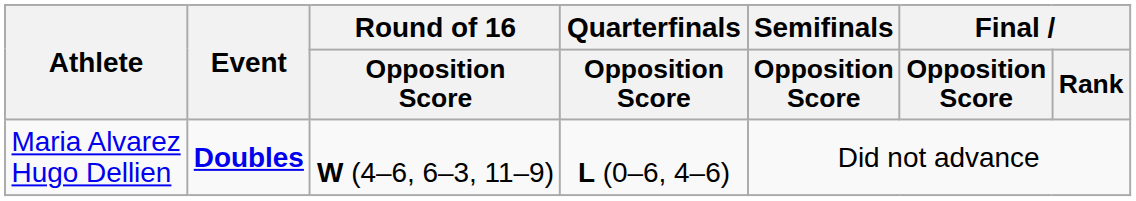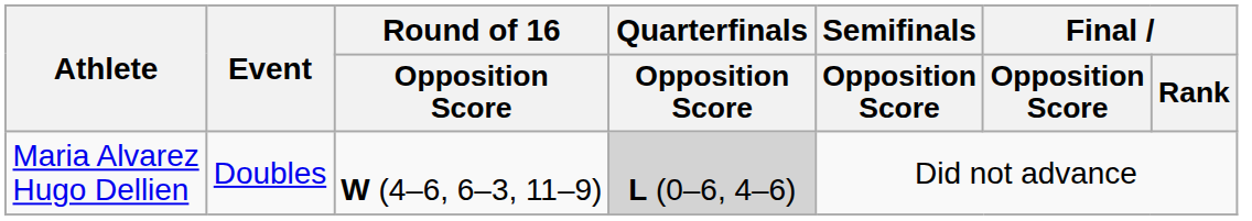 <table class=wikitable style="font-size:90%">
 <tr>
 <th rowspan=2>Athlete</th>
 <th rowspan=2>Event</th>
 <th>Round of 16</th>
 <th>Quarterfinals</th>
 <th>Semifinals</th>
 <th colspan=2>Final / </th>
 </tr>
 <tr style="font-size:95%">
 <th>Opposition<br>Score</th>
 <th>Opposition<br>Score</th>
 <th>Opposition<br>Score</th>
 <th>Opposition<br>Score</th>
 <th>Rank</th>
 </tr>
 <tr align=center>
 <td align=left><a href='#'>Maria Alvarez</a><br><a href='#'>Hugo Dellien</a></td>
-<td align=left><strong><a href='#'>Doubles</a></strong></td>
+<td align=left><a href='#'>Doubles</a></td>
 <td><br><strong>W</strong> (4–6, 6–3, 11–9)</td>
-<td><br><strong>L</strong> (0–6, 4–6)</td>
+<td style="background: lightgrey;"><br><strong>L</strong> (0–6, 4–6)</td>
 <td colspan=3>Did not advance</td>
 </tr>
 </table>
